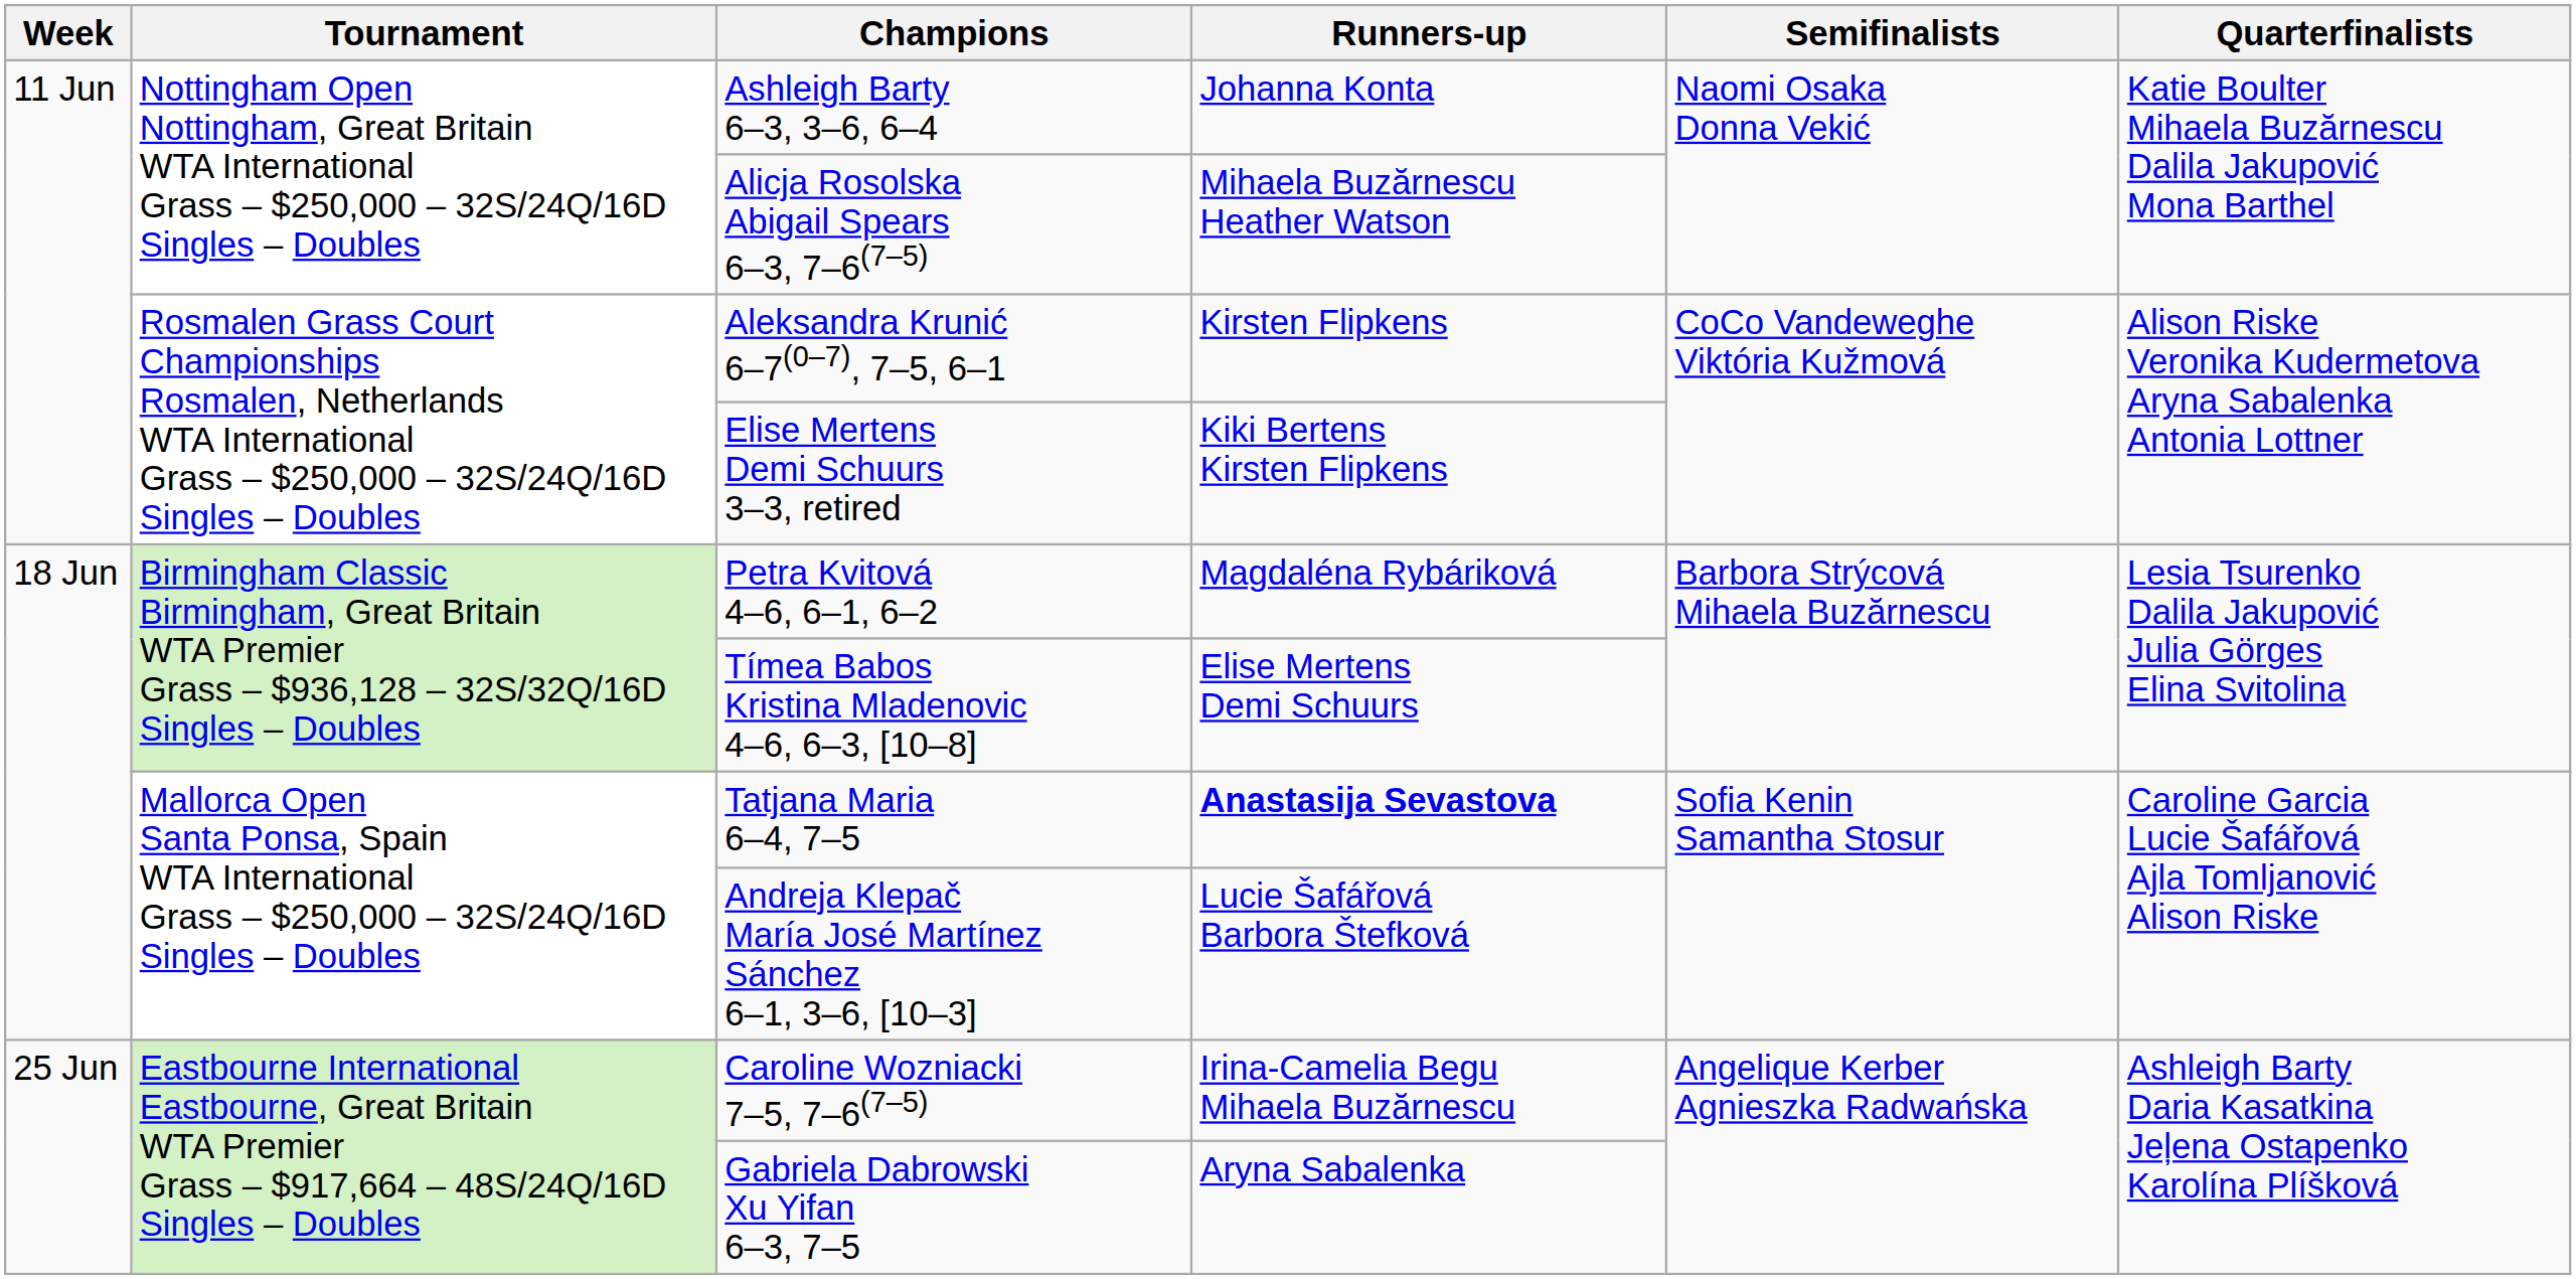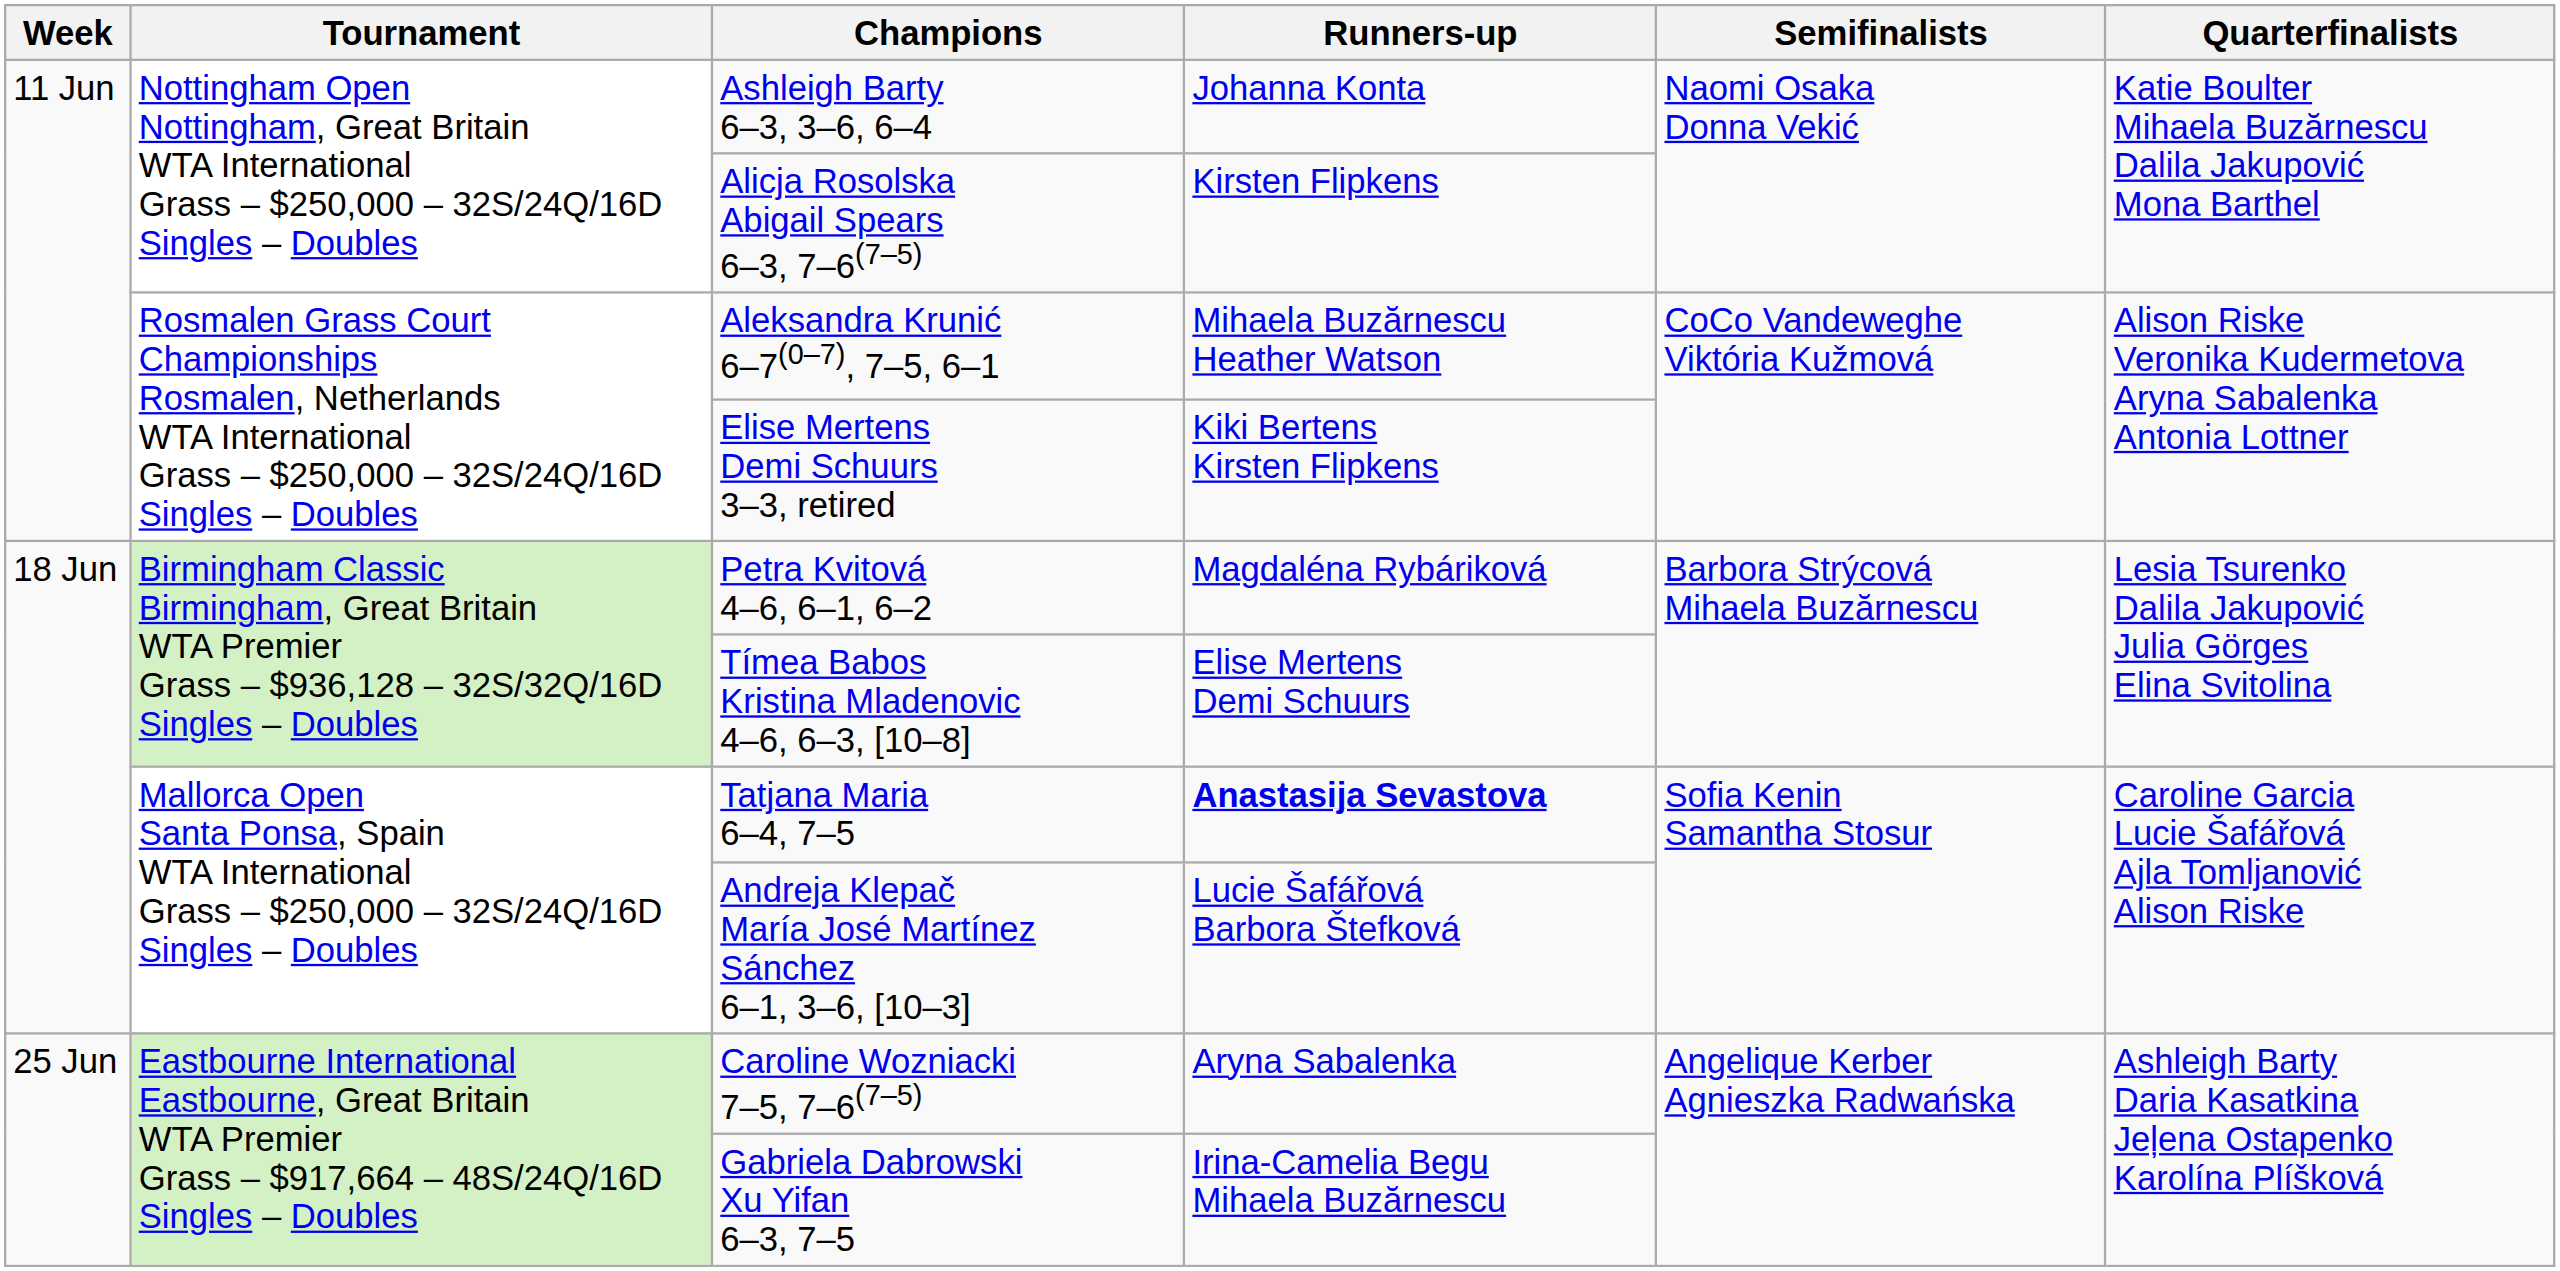 <table class=wikitable style=font-size:95%>
 <tr>
 <th style="width:48px;">Week</th>
 <th style="width:248px;">Tournament</th>
 <th style="width:200px;">Champions</th>
 <th style="width:200px;">Runners-up</th>
 <th style="width:190px;">Semifinalists</th>
 <th style="width:190px;">Quarterfinalists</th>
 </tr>
 <tr valign=top>
 <td rowspan=4>11 Jun</td>
 <td style="background:#fff;" rowspan="2"><a href='#'>Nottingham Open</a><br> <a href='#'>Nottingham</a>, Great Britain<br>WTA International<br>Grass – $250,000 – 32S/24Q/16D<br><a href='#'>Singles</a> – <a href='#'>Doubles</a></td>
 <td> <a href='#'>Ashleigh Barty</a> <br> 6–3, 3–6, 6–4</td>
 <td> <a href='#'>Johanna Konta</a></td>
 <td rowspan=2> <a href='#'>Naomi Osaka</a><br>  <a href='#'>Donna Vekić</a></td>
 <td rowspan=2> <a href='#'>Katie Boulter</a><br> <a href='#'>Mihaela Buzărnescu</a> <br> <a href='#'>Dalila Jakupović</a><br>  <a href='#'>Mona Barthel</a></td>
 </tr>
 <tr valign=top>
 <td> <a href='#'>Alicja Rosolska</a> <br>  <a href='#'>Abigail Spears</a> <br>6–3, 7–6<sup>(7–5)</sup></td>
-<td> <a href='#'>Mihaela Buzărnescu</a> <br>  <a href='#'>Heather Watson</a></td>
+<td> <a href='#'>Kirsten Flipkens</a></td>
 </tr>
 <tr valign=top>
 <td style="background:#fff;" rowspan="2"><a href='#'>Rosmalen Grass Court Championships</a><br> <a href='#'>Rosmalen</a>, Netherlands<br>WTA International<br>Grass – $250,000 – 32S/24Q/16D<br><a href='#'>Singles</a> – <a href='#'>Doubles</a></td>
 <td> <a href='#'>Aleksandra Krunić</a> <br> 6–7<sup>(0–7)</sup>, 7–5, 6–1</td>
-<td> <a href='#'>Kirsten Flipkens</a></td>
+<td> <a href='#'>Mihaela Buzărnescu</a> <br>  <a href='#'>Heather Watson</a></td>
 <td rowspan=2> <a href='#'>CoCo Vandeweghe</a> <br>  <a href='#'>Viktória Kužmová</a></td>
 <td rowspan=2> <a href='#'>Alison Riske</a><br> <a href='#'>Veronika Kudermetova</a> <br> <a href='#'>Aryna Sabalenka</a><br>  <a href='#'>Antonia Lottner</a></td>
 </tr>
 <tr valign=top>
 <td> <a href='#'>Elise Mertens</a> <br>  <a href='#'>Demi Schuurs</a><br> 3–3, retired</td>
 <td> <a href='#'>Kiki Bertens</a> <br>  <a href='#'>Kirsten Flipkens</a></td>
 </tr>
 <tr valign=top>
 <td rowspan=4>18 Jun</td>
 <td style="background:#D4F1C5;" rowspan="2"><a href='#'>Birmingham Classic</a><br> <a href='#'>Birmingham</a>, Great Britain<br>WTA Premier<br>Grass – $936,128 – 32S/32Q/16D<br><a href='#'>Singles</a> – <a href='#'>Doubles</a></td>
 <td> <a href='#'>Petra Kvitová</a> <br> 4–6, 6–1, 6–2</td>
 <td> <a href='#'>Magdaléna Rybáriková</a></td>
 <td rowspan=2> <a href='#'>Barbora Strýcová</a><br> <a href='#'>Mihaela Buzărnescu</a></td>
 <td rowspan=2> <a href='#'>Lesia Tsurenko</a><br> <a href='#'>Dalila Jakupović</a> <br> <a href='#'>Julia Görges</a><br>  <a href='#'>Elina Svitolina</a></td>
 </tr>
 <tr valign=top>
 <td> <a href='#'>Tímea Babos</a> <br>  <a href='#'>Kristina Mladenovic</a><br> 4–6, 6–3, [10–8]</td>
 <td> <a href='#'>Elise Mertens</a> <br>  <a href='#'>Demi Schuurs</a></td>
 </tr>
 <tr valign=top>
 <td style="background:#fff;" rowspan="2"><a href='#'>Mallorca Open</a><br> <a href='#'>Santa Ponsa</a>, Spain<br>WTA International<br>Grass – $250,000 – 32S/24Q/16D<br><a href='#'>Singles</a> – <a href='#'>Doubles</a></td>
 <td> <a href='#'>Tatjana Maria</a> <br> 6–4, 7–5</td>
 <td><strong> <a href='#'>Anastasija Sevastova</a></strong></td>
 <td rowspan=2> <a href='#'>Sofia Kenin</a> <br>  <a href='#'>Samantha Stosur</a></td>
 <td rowspan=2> <a href='#'>Caroline Garcia</a><br> <a href='#'>Lucie Šafářová</a> <br>  <a href='#'>Ajla Tomljanović</a><br>  <a href='#'>Alison Riske</a></td>
 </tr>
 <tr valign=top>
 <td> <a href='#'>Andreja Klepač</a> <br>  <a href='#'>María José Martínez Sánchez</a><br> 6–1, 3–6, [10–3]</td>
 <td> <a href='#'>Lucie Šafářová</a> <br>  <a href='#'>Barbora Štefková</a></td>
 </tr>
 <tr valign=top>
 <td rowspan=2>25 Jun</td>
 <td style="background:#D4F1C5;" rowspan="2"><a href='#'>Eastbourne International</a><br> <a href='#'>Eastbourne</a>, Great Britain<br>WTA Premier<br>Grass – $917,664 – 48S/24Q/16D<br><a href='#'>Singles</a> – <a href='#'>Doubles</a></td>
 <td> <a href='#'>Caroline Wozniacki</a> <br>7–5, 7–6<sup>(7–5)</sup></td>
-<td> <a href='#'>Irina-Camelia Begu</a> <br>  <a href='#'>Mihaela Buzărnescu</a></td>
+<td> <a href='#'>Aryna Sabalenka</a></td>
 <td rowspan=2> <a href='#'>Angelique Kerber</a> <br>  <a href='#'>Agnieszka Radwańska</a></td>
 <td rowspan=2> <a href='#'>Ashleigh Barty</a> <br> <a href='#'>Daria Kasatkina</a> <br> <a href='#'>Jeļena Ostapenko</a> <br>  <a href='#'>Karolína Plíšková</a></td>
 </tr>
 <tr valign=top>
 <td> <a href='#'>Gabriela Dabrowski</a> <br>  <a href='#'>Xu Yifan</a><br> 6–3, 7–5</td>
-<td> <a href='#'>Aryna Sabalenka</a></td>
+<td> <a href='#'>Irina-Camelia Begu</a> <br>  <a href='#'>Mihaela Buzărnescu</a></td>
 </tr>
 </table>
